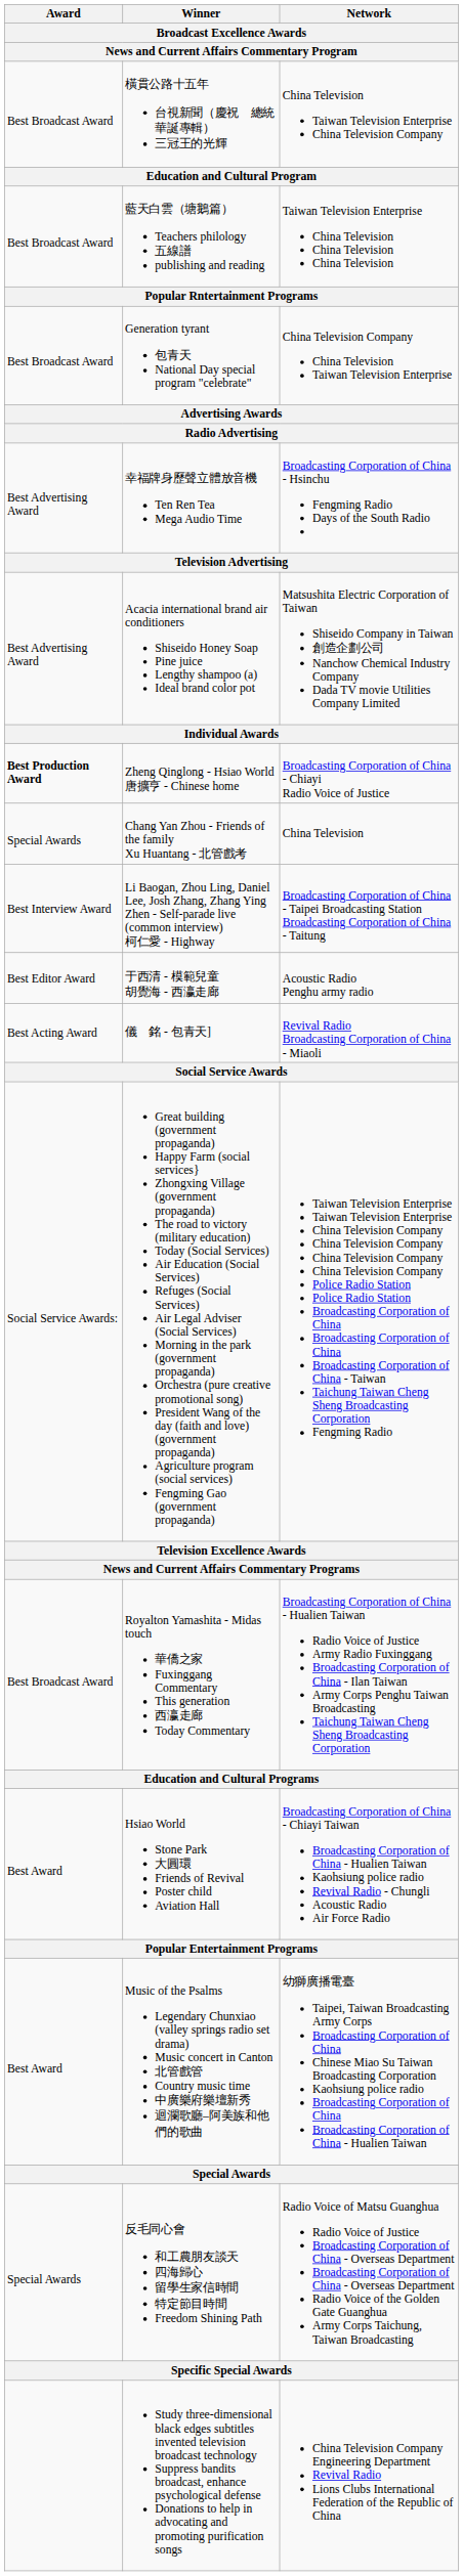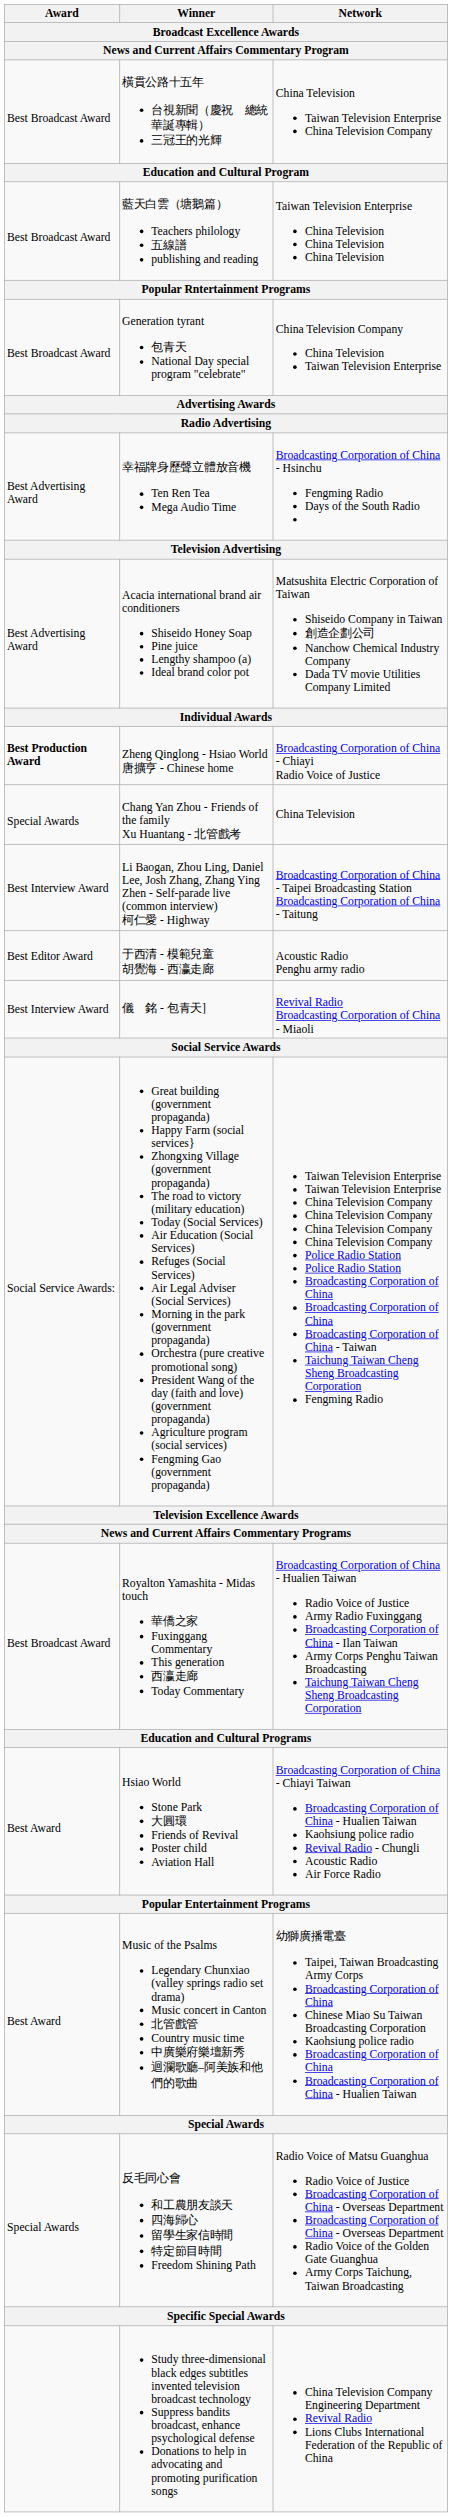 <table class="wikitable">
 <tr>
 <th style="width:200pt;">Award</th>
 <th style="width:240pt;">Winner</th>
 <th style="width:300pt;">Network</th>
 </tr>
 <tr>
 <th colspan=3 style="text-align:center" style="background:#99CCFF;">Broadcast Excellence Awards</th>
 </tr>
 <tr>
 <th colspan=3 style="text-align:center" style="background: LightSteelBlue;">News and Current Affairs Commentary Program</th>
 </tr>
 <tr>
 <td><br>Best Broadcast Award</td>
 <td><br>橫貫公路十五年<ul><li>台視新聞（慶祝　總統華誕專輯）</li><li>三冠王的光輝</li></ul></td>
 <td><br>China Television<ul><li>Taiwan Television Enterprise</li><li>China Television Company</li></ul></td>
 </tr>
 <tr>
 <th colspan=3 style="text-align:center" style="background: LightSteelBlue;">Education and Cultural Program</th>
 </tr>
 <tr>
 <td><br>Best Broadcast Award</td>
 <td><br>藍天白雲（塘鵝篇）<ul><li>Teachers philology</li><li>五線譜</li><li>publishing and reading</li></ul></td>
 <td><br>Taiwan Television Enterprise<ul><li>China Television</li><li>China Television</li><li>China Television</li></ul></td>
 </tr>
 <tr>
 <th colspan=3 style="text-align:center" style="background: LightSteelBlue;">Popular Rntertainment Programs</th>
 </tr>
 <tr>
 <td><br>Best Broadcast Award</td>
 <td><br>Generation tyrant<ul><li>包青天</li><li>National Day special program "celebrate"</li></ul></td>
 <td><br>China Television Company<ul><li>China Television</li><li>Taiwan Television Enterprise</li></ul></td>
 </tr>
 <tr>
 <th colspan=3 style="text-align:center" style="background:#99CCFF;">Advertising Awards</th>
 </tr>
 <tr>
 <th colspan=3 style="text-align:center" style="background: LightSteelBlue;">Radio Advertising</th>
 </tr>
 <tr>
 <td><br>Best Advertising Award</td>
 <td><br>幸福牌身歷聲立體放音機<ul><li>Ten Ren Tea</li><li>Mega Audio Time</li></ul></td>
 <td><br><a href='#'>Broadcasting Corporation of China</a> - Hsinchu<ul><li>Fengming Radio</li><li>Days of the South Radio</li><li></li></ul></td>
 </tr>
 <tr>
 <th colspan=3 style="text-align:center" style="background: LightSteelBlue;">Television Advertising</th>
 </tr>
 <tr>
 <td><br>Best Advertising Award</td>
 <td><br>Acacia international brand air conditioners<ul><li>Shiseido Honey Soap</li><li>Pine juice</li><li>Lengthy shampoo (a)</li><li>Ideal brand color pot</li></ul></td>
 <td><br>Matsushita Electric Corporation of Taiwan<ul><li>Shiseido Company in Taiwan</li><li>創造企劃公司</li><li>Nanchow Chemical Industry Company</li><li>Dada TV movie Utilities Company Limited</li></ul></td>
 </tr>
 <tr>
 <th colspan=3 style="text-align:center" style="background:#99CCFF;">Individual Awards</th>
 </tr>
 <tr>
 <td><strong>Best Production Award</strong></td>
 <td><br>Zheng Qinglong - Hsiao World <br>唐擴亨 - Chinese home</td>
 <td><br><a href='#'>Broadcasting Corporation of China</a> - Chiayi <br>Radio Voice of Justice</td>
 </tr>
 <tr>
 <td><br>Special Awards</td>
 <td><br>Chang Yan Zhou - Friends of the family <br>Xu Huantang - 北管戲考</td>
 <td>China Television</td>
 </tr>
 <tr>
 <td>Best Interview Award</td>
 <td><br>Li Baogan, Zhou Ling, Daniel Lee, Josh Zhang, Zhang Ying Zhen  - Self-parade live (common interview) <br>柯仁愛 - Highway</td>
 <td><br><a href='#'>Broadcasting Corporation of China</a> - Taipei Broadcasting Station <br><a href='#'>Broadcasting Corporation of China</a> - Taitung</td>
 </tr>
 <tr>
 <td>Best Editor Award</td>
 <td><br>于西清 - 模範兒童 <br>胡覺海 - 西瀛走廊</td>
 <td><br>Acoustic Radio <br>Penghu army radio</td>
 </tr>
 <tr>
-<td>Best Acting Award</td>
+<td>Best Interview Award</td>
 <td>儀　銘 - 包青天]</td>
 <td><br><a href='#'>Revival Radio</a> <br><a href='#'>Broadcasting Corporation of China</a> - Miaoli</td>
 </tr>
 <tr>
 <th colspan=3 style="text-align:center" style="background:#99CCFF;">Social Service Awards</th>
 </tr>
 <tr>
 <td><br>Social Service Awards:</td>
 <td><br><ul><li>Great building (government propaganda)</li><li>Happy Farm (social services}</li><li>Zhongxing Village (government propaganda)</li><li>The road to victory (military education)</li><li>Today (Social Services)</li><li>Air Education (Social Services)</li><li>Refuges (Social Services)</li><li>Air Legal Adviser (Social Services)</li><li>Morning in the park (government propaganda)</li><li>Orchestra (pure creative promotional song)</li><li>President Wang of the day (faith and love) (government propaganda)</li><li>Agriculture program (social services)</li><li>Fengming Gao (government propaganda)</li></ul></td>
 <td><br><ul><li>Taiwan Television Enterprise</li><li>Taiwan Television Enterprise</li><li>China Television Company</li><li>China Television Company</li><li>China Television Company</li><li>China Television Company</li><li><a href='#'>Police Radio Station</a></li><li><a href='#'>Police Radio Station</a></li><li><a href='#'>Broadcasting Corporation of China</a></li><li><a href='#'>Broadcasting Corporation of China</a></li><li><a href='#'>Broadcasting Corporation of China</a> - Taiwan</li><li><a href='#'>Taichung Taiwan Cheng Sheng Broadcasting Corporation</a></li><li>Fengming Radio</li></ul></td>
 </tr>
 <tr>
 <th colspan=3 style="text-align:center" style="background:#99CCFF;">Television Excellence Awards</th>
 </tr>
 <tr>
 <th colspan=3 style="text-align:center" style="background: LightSteelBlue;">News and Current Affairs Commentary Programs</th>
 </tr>
 <tr>
 <td><br>Best Broadcast Award</td>
 <td><br>Royalton Yamashita - Midas touch<ul><li>華僑之家</li><li>Fuxinggang Commentary</li><li>This generation</li><li>西瀛走廊</li><li>Today Commentary</li></ul></td>
 <td><br><a href='#'>Broadcasting Corporation of China</a> - Hualien Taiwan<ul><li>Radio Voice of Justice</li><li>Army Radio Fuxinggang</li><li><a href='#'>Broadcasting Corporation of China</a> - Ilan Taiwan</li><li>Army Corps Penghu Taiwan Broadcasting</li><li><a href='#'>Taichung Taiwan Cheng Sheng Broadcasting Corporation</a></li></ul></td>
 </tr>
 <tr>
 <th colspan=3 style="text-align:center" style="background: LightSteelBlue;">Education and Cultural Programs</th>
 </tr>
 <tr>
 <td><br>Best Award</td>
 <td><br>Hsiao World<ul><li>Stone Park</li><li>大圓環</li><li>Friends of Revival</li><li>Poster child</li><li>Aviation Hall</li></ul></td>
 <td><br><a href='#'>Broadcasting Corporation of China</a> - Chiayi Taiwan<ul><li><a href='#'>Broadcasting Corporation of China</a> - Hualien Taiwan</li><li>Kaohsiung police radio</li><li><a href='#'>Revival Radio</a> - Chungli</li><li>Acoustic Radio</li><li>Air Force Radio</li></ul></td>
 </tr>
 <tr>
 <th colspan=3 style="text-align:center" style="background: LightSteelBlue;">Popular Entertainment Programs</th>
 </tr>
 <tr>
 <td><br>Best Award</td>
 <td><br>Music of the Psalms<ul><li>Legendary Chunxiao (valley springs radio set drama)</li><li>Music concert in Canton</li><li>北管戲管</li><li>Country music time</li><li>中廣樂府樂壇新秀</li><li>迴瀾歌廳–阿美族和他們的歌曲</li></ul></td>
 <td><br>幼獅廣播電臺<ul><li>Taipei, Taiwan Broadcasting Army Corps</li><li><a href='#'>Broadcasting Corporation of China</a></li><li>Chinese Miao Su Taiwan Broadcasting Corporation</li><li>Kaohsiung police radio</li><li><a href='#'>Broadcasting Corporation of China</a></li><li><a href='#'>Broadcasting Corporation of China</a> - Hualien Taiwan</li></ul></td>
 </tr>
 <tr>
 <th colspan=3 style="text-align:center" style="background:#99CCFF;">Special Awards</th>
 </tr>
 <tr>
 <td><br>Special Awards</td>
 <td><br>反毛同心會<ul><li>和工農朋友談天</li><li>四海歸心</li><li>留學生家信時間</li><li>特定節目時間</li><li>Freedom Shining Path</li></ul></td>
 <td><br>Radio Voice of Matsu Guanghua<ul><li>Radio Voice of Justice</li><li><a href='#'>Broadcasting Corporation of China</a> - Overseas Department</li><li><a href='#'>Broadcasting Corporation of China</a> - Overseas Department</li><li>Radio Voice of the Golden Gate Guanghua</li><li>Army Corps Taichung, Taiwan Broadcasting</li></ul></td>
 </tr>
 <tr>
 <th colspan=3 style="text-align:center" style="background:#99CCFF;">Specific Special Awards</th>
 </tr>
 <tr>
 <td><br></td>
 <td><br><ul><li>Study three-dimensional black edges subtitles invented television broadcast technology</li><li>Suppress bandits broadcast, enhance psychological defense</li><li>Donations to help in advocating and promoting purification songs</li></ul></td>
 <td><br><ul><li>China Television Company Engineering Department</li><li><a href='#'>Revival Radio</a></li><li>Lions Clubs International Federation of the Republic of China</li></ul></td>
 </tr>
 </table>
